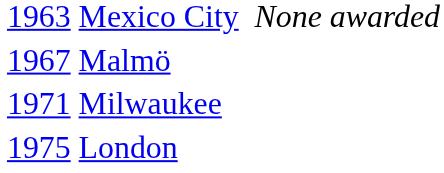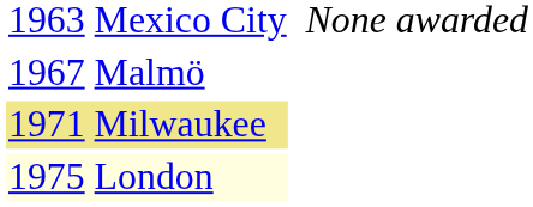 <table>
 <tr>
 <td rowspan=2><a href='#'>1963</a> <a href='#'>Mexico City</a></td>
 <td></td>
 <td rowspan=2><em>None awarded</em></td>
 <td rowspan=2></td>
 </tr>
 <tr>
 <td></td>
 </tr>
 <tr>
 <td><a href='#'>1967</a> <a href='#'>Malmö</a></td>
 <td></td>
 <td></td>
 <td></td>
 </tr>
 <tr>
-<td><a href='#'>1971</a> <a href='#'>Milwaukee</a></td>
+<td style="background: khaki;"><a href='#'>1971</a> <a href='#'>Milwaukee</a></td>
 <td></td>
 <td></td>
 <td></td>
 </tr>
 <tr>
-<td><a href='#'>1975</a> <a href='#'>London</a></td>
+<td style="background: lightyellow;"><a href='#'>1975</a> <a href='#'>London</a></td>
 <td></td>
 <td></td>
 <td></td>
 </tr>
 </table>
